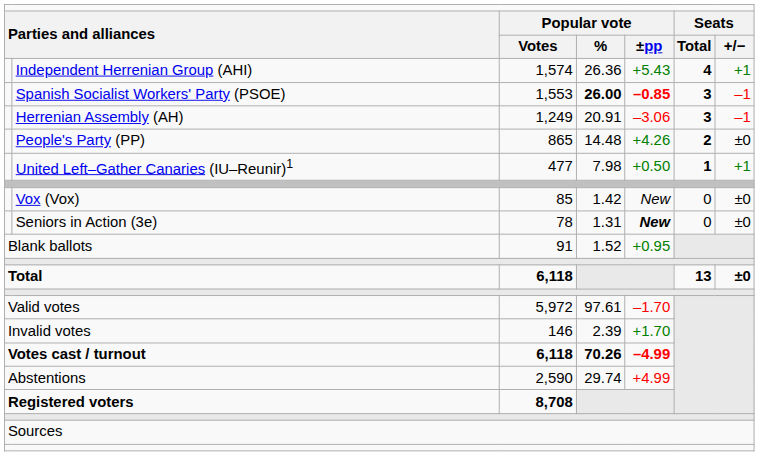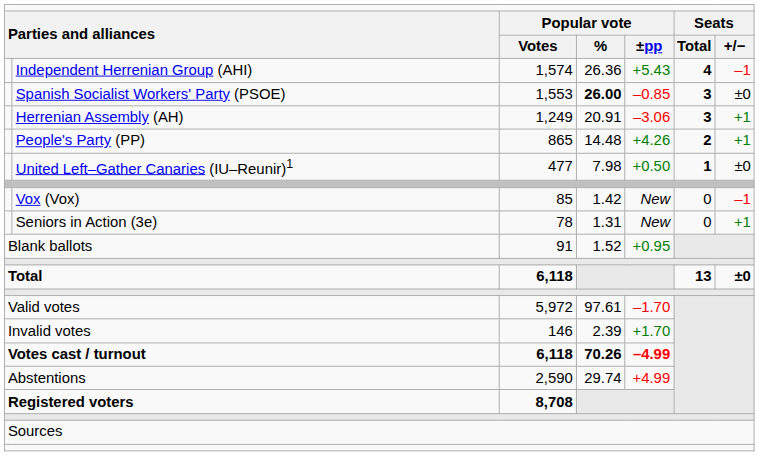 <table class="wikitable" style="text-align:right;">
 <tr>
 <td colspan="7"></td>
 </tr>
 <tr>
 <th style="text-align:left;" rowspan="2" colspan="2" width="525">Parties and alliances</th>
 <th colspan="3">Popular vote</th>
 <th colspan="2">Seats</th>
 </tr>
 <tr>
 <th width="75">Votes</th>
 <th width="45">%</th>
 <th width="45">±<a href='#'>pp</a></th>
 <th width="35">Total</th>
 <th width="35">+/−</th>
 </tr>
 <tr>
 <td width="1" style="color:inherit;background:"></td>
 <td align="left"><a href='#'>Independent Herrenian Group</a> (AHI)</td>
 <td>1,574</td>
 <td>26.36</td>
 <td style="color:green;">+5.43</td>
 <td><strong>4</strong></td>
-<td style="color:green;">+1</td>
+<td style="color:red;">–1</td>
 </tr>
 <tr>
 <td style="color:inherit;background:"></td>
 <td align="left"><a href='#'>Spanish Socialist Workers' Party</a> (PSOE)</td>
 <td>1,553</td>
 <td><strong>26.00</strong></td>
-<td style="color:red;"><strong>–0.85</strong></td>
+<td style="color:red;">–0.85</td>
 <td><strong>3</strong></td>
-<td style="color:red;">–1</td>
+<td>±0</td>
 </tr>
 <tr>
 <td style="color:inherit;background:"></td>
 <td align="left"><a href='#'>Herrenian Assembly</a> (AH)</td>
 <td>1,249</td>
 <td>20.91</td>
 <td style="color:red;">–3.06</td>
 <td><strong>3</strong></td>
-<td style="color:red;">–1</td>
+<td style="color:green;">+1</td>
 </tr>
 <tr>
 <td style="color:inherit;background:"></td>
 <td align="left"><a href='#'>People's Party</a> (PP)</td>
 <td>865</td>
 <td>14.48</td>
 <td style="color:green;">+4.26</td>
 <td><strong>2</strong></td>
-<td>±0</td>
+<td style="color:green;">+1</td>
 </tr>
 <tr>
 <td style="color:inherit;background:"></td>
 <td align="left"><a href='#'>United Left–Gather Canaries</a> (IU–Reunir)<sup>1</sup></td>
 <td>477</td>
 <td>7.98</td>
 <td style="color:green;">+0.50</td>
 <td><strong>1</strong></td>
-<td style="color:green;">+1</td>
+<td>±0</td>
 </tr>
 <tr>
 <td colspan="7" bgcolor="#C0C0C0"></td>
 </tr>
 <tr>
 <td style="color:inherit;background:"></td>
 <td align="left"><a href='#'>Vox</a> (Vox)</td>
 <td>85</td>
 <td>1.42</td>
 <td><em>New</em></td>
 <td>0</td>
-<td>±0</td>
+<td style="color:red;">–1</td>
 </tr>
 <tr>
 <td style="color:inherit;background:"></td>
 <td align="left">Seniors in Action (3e)</td>
 <td>78</td>
 <td>1.31</td>
-<td><strong><em>New</em></strong></td>
+<td><em>New</em></td>
 <td>0</td>
-<td>±0</td>
+<td style="color:green;">+1</td>
 </tr>
 <tr>
 <td align="left" colspan="2">Blank ballots</td>
 <td>91</td>
 <td>1.52</td>
 <td style="color:green;">+0.95</td>
 <td bgcolor="#E9E9E9" colspan="2"></td>
 </tr>
 <tr>
 <td colspan="7" bgcolor="#E9E9E9"></td>
 </tr>
 <tr style="font-weight:bold;">
 <td align="left" colspan="2">Total</td>
 <td>6,118</td>
 <td bgcolor="#E9E9E9" colspan="2"></td>
 <td>13</td>
 <td>±0</td>
 </tr>
 <tr>
 <td colspan="7" bgcolor="#E9E9E9"></td>
 </tr>
 <tr>
 <td align="left" colspan="2">Valid votes</td>
 <td>5,972</td>
 <td>97.61</td>
 <td style="color:red;">–1.70</td>
 <td bgcolor="#E9E9E9" colspan="2" rowspan="5"></td>
 </tr>
 <tr>
 <td align="left" colspan="2">Invalid votes</td>
 <td>146</td>
 <td>2.39</td>
 <td style="color:green;">+1.70</td>
 </tr>
 <tr style="font-weight:bold;">
 <td align="left" colspan="2">Votes cast / turnout</td>
 <td>6,118</td>
 <td>70.26</td>
 <td style="color:red;">–4.99</td>
 </tr>
 <tr>
 <td align="left" colspan="2">Abstentions</td>
 <td>2,590</td>
 <td>29.74</td>
 <td style="color:red;">+4.99</td>
 </tr>
 <tr style="font-weight:bold;">
 <td align="left" colspan="2">Registered voters</td>
 <td>8,708</td>
 <td bgcolor="#E9E9E9" colspan="2"></td>
 </tr>
 <tr>
 <td colspan="7" bgcolor="#E9E9E9"></td>
 </tr>
 <tr>
 <td align="left" colspan="7">Sources</td>
 </tr>
 <tr>
 <td colspan="7" style="text-align:left; max-width:790px;"></td>
 </tr>
 </table>
